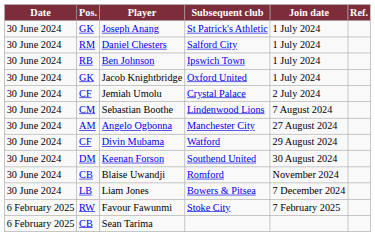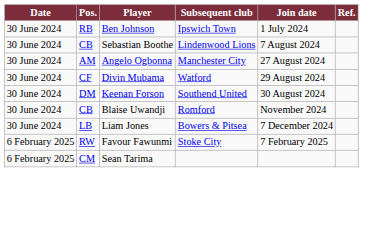 <table class="wikitable plainrowheaders sortable">
 <tr>
 <th style="background:#7C2C3B; color:#FFFFFF; ">Date</th>
 <th style="background:#7C2C3B; color:#FFFFFF; ">Pos.</th>
 <th style="background:#7C2C3B; color:#FFFFFF; ">Player</th>
 <th style="background:#7C2C3B; color:#FFFFFF; ">Subsequent club</th>
 <th style="background:#7C2C3B; color:#FFFFFF; ">Join date</th>
 <th style="background:#7C2C3B; color:#FFFFFF; ">Ref.</th>
 </tr>
 <tr>
 <td>30 June 2024</td>
-<td><a href='#'>GK</a></td>
-<td> <a href='#'>Joseph Anang</a></td>
-<td> <a href='#'>St Patrick's Athletic</a></td>
-<td>1 July 2024</td>
-<td></td>
-</tr>
-<tr>
-<td>30 June 2024</td>
-<td><a href='#'>RM</a></td>
-<td> <a href='#'>Daniel Chesters</a></td>
-<td> <a href='#'>Salford City</a></td>
-<td>1 July 2024</td>
-<td></td>
-</tr>
-<tr>
-<td>30 June 2024</td>
 <td><a href='#'>RB</a></td>
 <td> <a href='#'>Ben Johnson</a></td>
 <td> <a href='#'>Ipswich Town</a></td>
 <td>1 July 2024</td>
 <td></td>
 </tr>
 <tr>
 <td>30 June 2024</td>
-<td><a href='#'>GK</a></td>
-<td> Jacob Knightbridge</td>
-<td> <a href='#'>Oxford United</a></td>
-<td>1 July 2024</td>
-<td></td>
-</tr>
-<tr>
-<td>30 June 2024</td>
-<td><a href='#'>CF</a></td>
-<td> Jemiah Umolu</td>
-<td> <a href='#'>Crystal Palace</a></td>
-<td>2 July 2024</td>
-<td></td>
-</tr>
-<tr>
-<td>30 June 2024</td>
-<td><a href='#'>CM</a></td>
+<td><a href='#'>CB</a></td>
 <td> Sebastian Boothe</td>
 <td> <a href='#'>Lindenwood Lions</a></td>
 <td>7 August 2024</td>
 <td></td>
 </tr>
 <tr>
 <td>30 June 2024</td>
 <td><a href='#'>AM</a></td>
 <td> <a href='#'>Angelo Ogbonna</a></td>
 <td> <a href='#'>Manchester City</a></td>
 <td>27 August 2024</td>
 <td></td>
 </tr>
 <tr>
 <td>30 June 2024</td>
 <td><a href='#'>CF</a></td>
 <td> <a href='#'>Divin Mubama</a></td>
 <td> <a href='#'>Watford</a></td>
 <td>29 August 2024</td>
 <td></td>
 </tr>
 <tr>
 <td>30 June 2024</td>
 <td><a href='#'>DM</a></td>
 <td> <a href='#'>Keenan Forson</a></td>
 <td> <a href='#'>Southend United</a></td>
 <td>30 August 2024</td>
 <td></td>
 </tr>
 <tr>
 <td>30 June 2024</td>
 <td><a href='#'>CB</a></td>
 <td> Blaise Uwandji</td>
 <td> <a href='#'>Romford</a></td>
 <td>November 2024</td>
 <td></td>
 </tr>
 <tr>
 <td>30 June 2024</td>
 <td><a href='#'>LB</a></td>
 <td> Liam Jones</td>
 <td> <a href='#'>Bowers & Pitsea</a></td>
 <td>7 December 2024</td>
 <td></td>
 </tr>
 <tr>
 <td>6 February 2025</td>
 <td><a href='#'>RW</a></td>
 <td> Favour Fawunmi</td>
 <td> <a href='#'>Stoke City</a></td>
 <td>7 February 2025</td>
 <td></td>
 </tr>
 <tr>
 <td>6 February 2025</td>
-<td><a href='#'>CB</a></td>
+<td><a href='#'>CM</a></td>
 <td> Sean Tarima</td>
 <td></td>
 <td></td>
 <td></td>
 </tr>
 </table>
